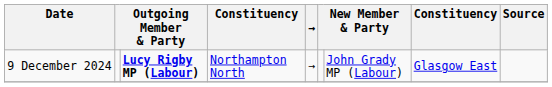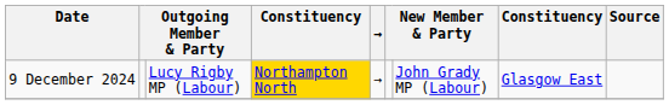 <table class="wikitable">
 <tr>
 <th valign="top">Date</th>
 <th colspan="2" valign="top">Outgoing Member<br>& Party</th>
 <th valign="top">Constituency</th>
 <th>→</th>
 <th colspan="2" valign="top">New Member<br>& Party</th>
 <th valign="top">Constituency</th>
 <th valign="top">Source</th>
 </tr>
 <tr>
 <td nowrap>9 December 2024</td>
 <td style="color:inherit;background:"></td>
-<td><strong><a href='#'>Lucy Rigby</a> MP (<a href='#'>Labour</a>)</strong></td>
-<td><a href='#'>Northampton North</a></td>
+<td><a href='#'>Lucy Rigby</a> MP (<a href='#'>Labour</a>)</td>
+<td style="background: gold;"><a href='#'>Northampton North</a></td>
 <td>→</td>
 <td style="color:inherit;background:"></td>
 <td><a href='#'>John Grady</a> MP (<a href='#'>Labour</a>)</td>
 <td><a href='#'>Glasgow East</a></td>
 <td></td>
 </tr>
 <tr>
 </tr>
 </table>
